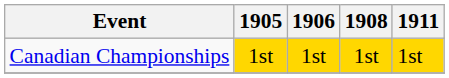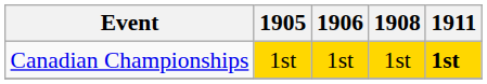 <table class="wikitable">
 <tr>
 <th>Event</th>
 <th>1905</th>
 <th>1906</th>
 <th>1908</th>
 <th>1911</th>
 </tr>
 <tr>
 <td><a href='#'>Canadian Championships</a></td>
 <td align="center" bgcolor="gold">1st</td>
 <td align="center" bgcolor="gold">1st</td>
 <td align="center" bgcolor="gold">1st</td>
-<td  align="center" bgcolor="gold">1st</td>
+<td  align="center" bgcolor="gold"><strong>1st</strong></td>
 </tr>
 <tr>
 </tr>
 </table>
